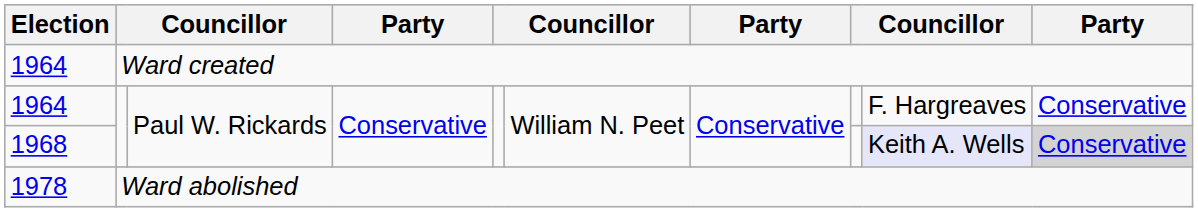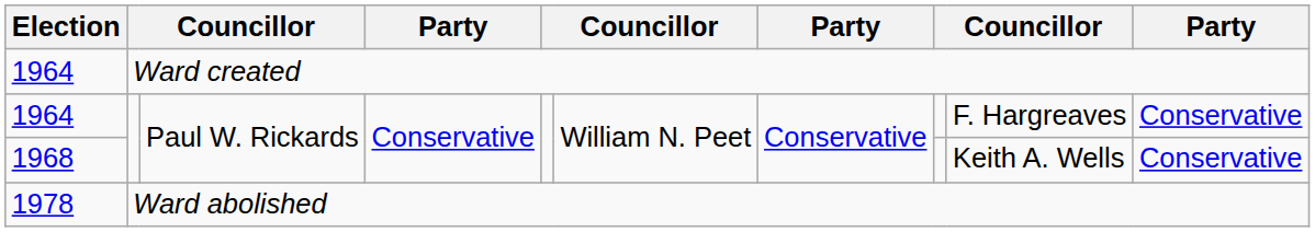 <table class="wikitable">
 <tr>
 <th>Election</th>
 <th colspan="2">Councillor</th>
 <th>Party</th>
 <th colspan="2">Councillor</th>
 <th>Party</th>
 <th colspan="2">Councillor</th>
 <th>Party</th>
 </tr>
 <tr>
 <td><a href='#'>1964</a></td>
 <td colspan="12"><em>Ward created</em></td>
 </tr>
 <tr>
 <td><a href='#'>1964</a></td>
 <td rowspan="2" style="background-color: "></td>
 <td rowspan="2">Paul W. Rickards</td>
 <td rowspan="2"><a href='#'>Conservative</a></td>
 <td rowspan="2" style="background-color: "></td>
 <td rowspan="2">William N. Peet</td>
 <td rowspan="2"><a href='#'>Conservative</a></td>
 <td style="background-color: "></td>
 <td>F. Hargreaves</td>
 <td><a href='#'>Conservative</a></td>
 </tr>
 <tr>
 <td><a href='#'>1968</a></td>
 <td style="background-color: "></td>
-<td style="background: lavender;">Keith A. Wells</td>
-<td style="background: lightgrey;"><a href='#'>Conservative</a></td>
+<td>Keith A. Wells</td>
+<td><a href='#'>Conservative</a></td>
 </tr>
 <tr>
 <td><a href='#'>1978</a></td>
 <td colspan="12"><em>Ward abolished</em></td>
 </tr>
 </table>
